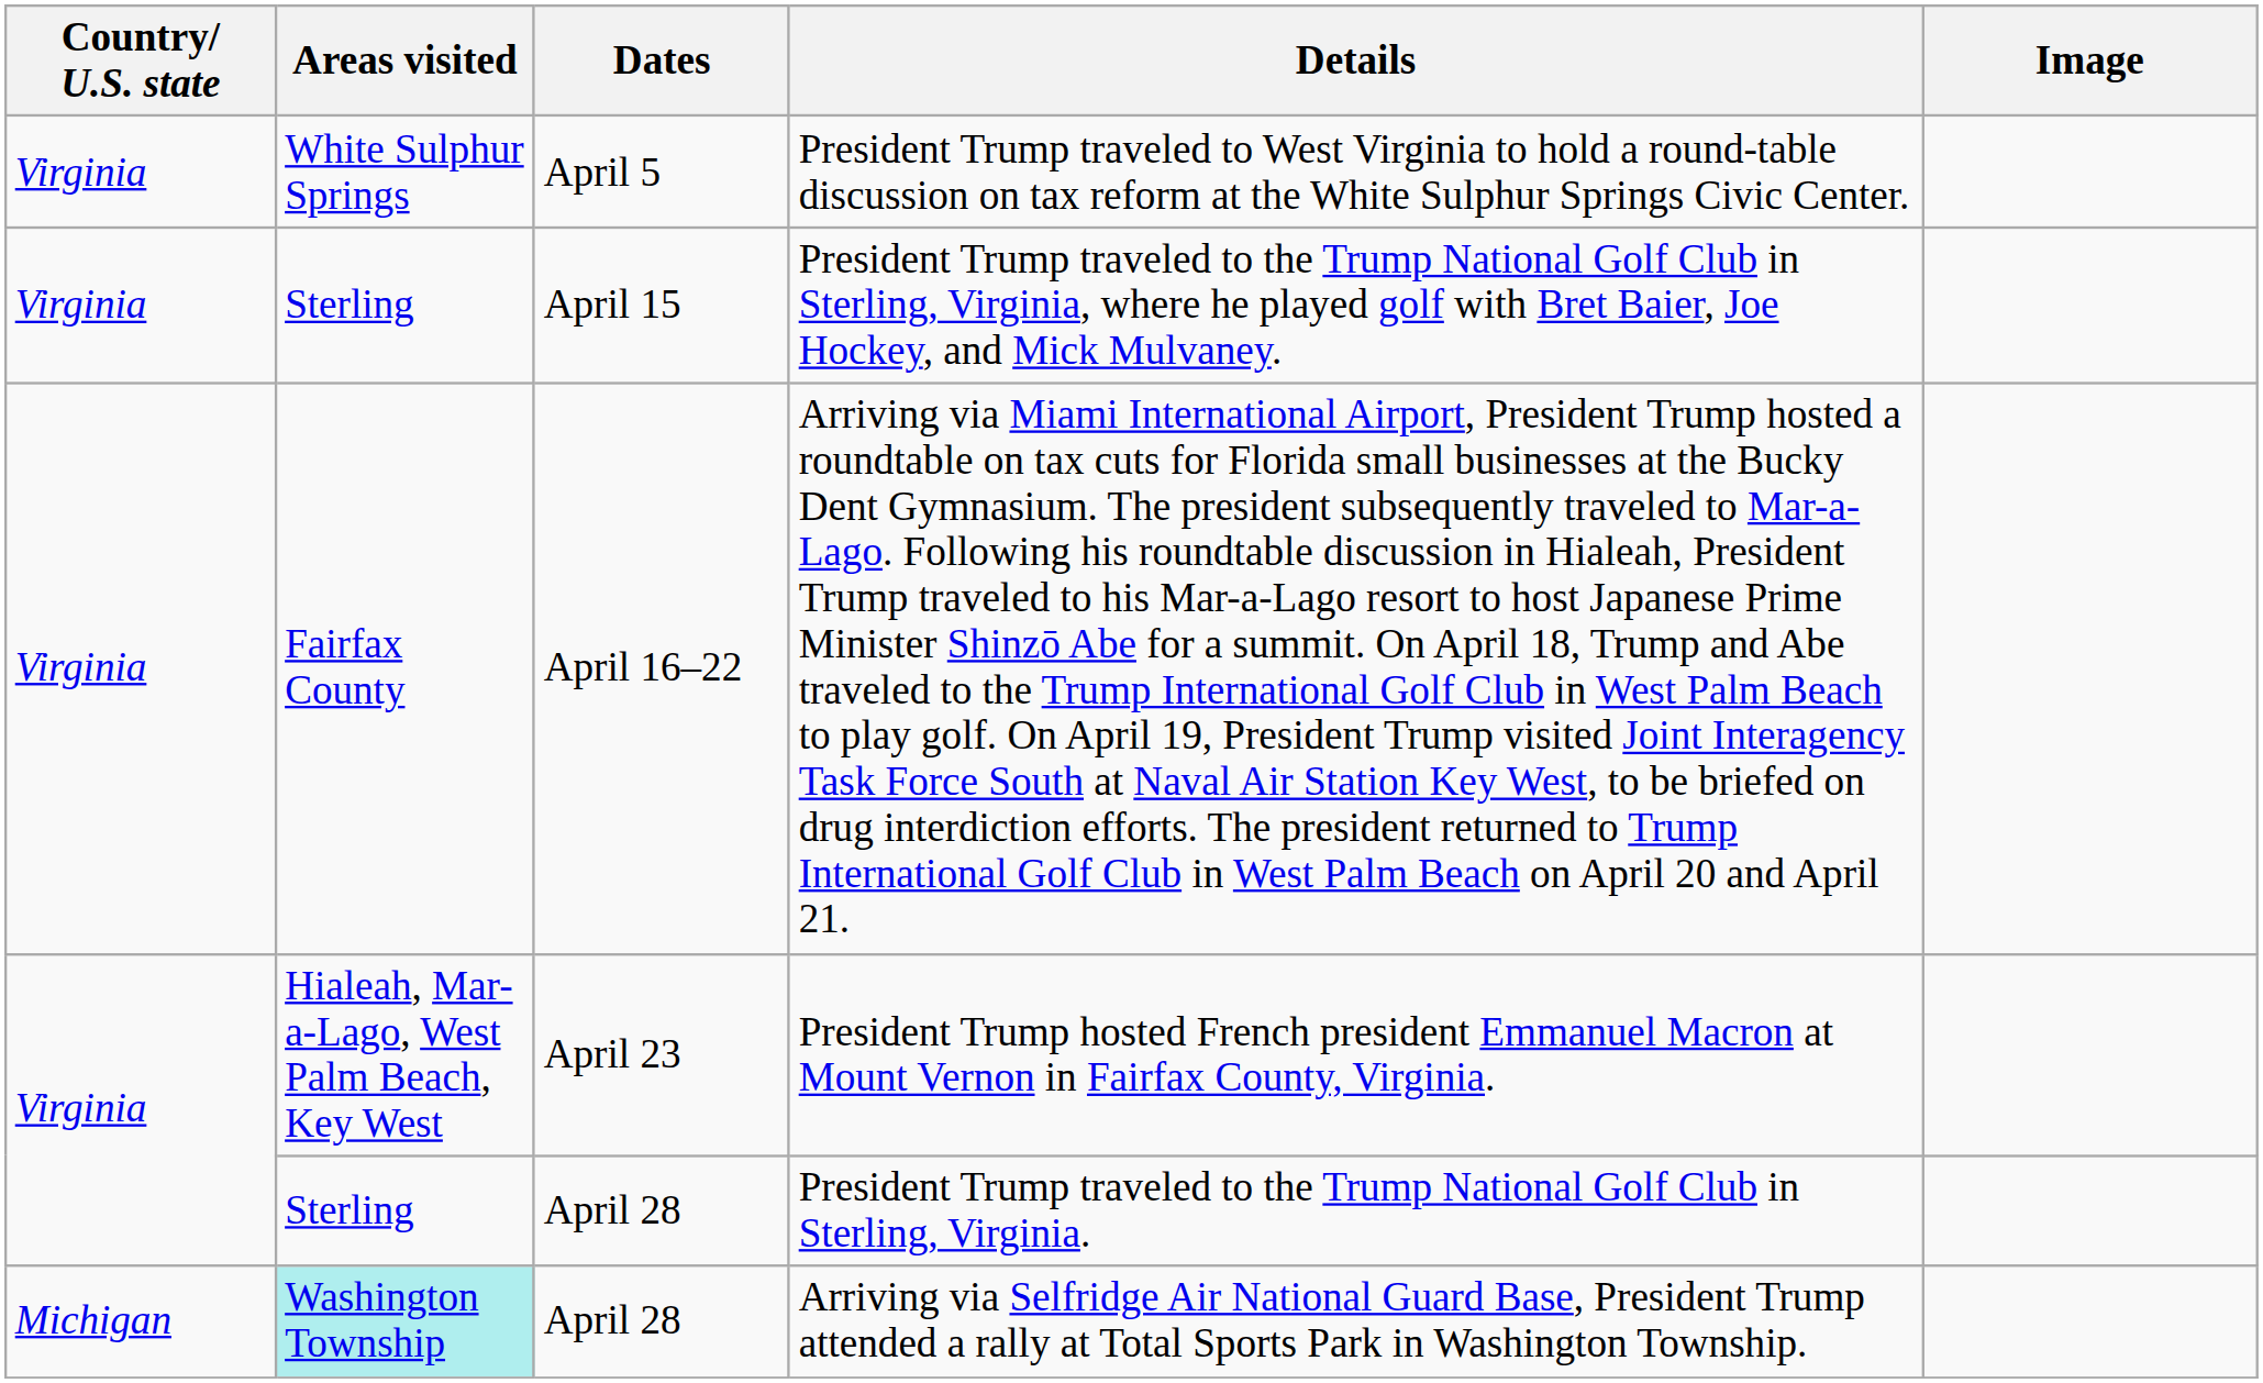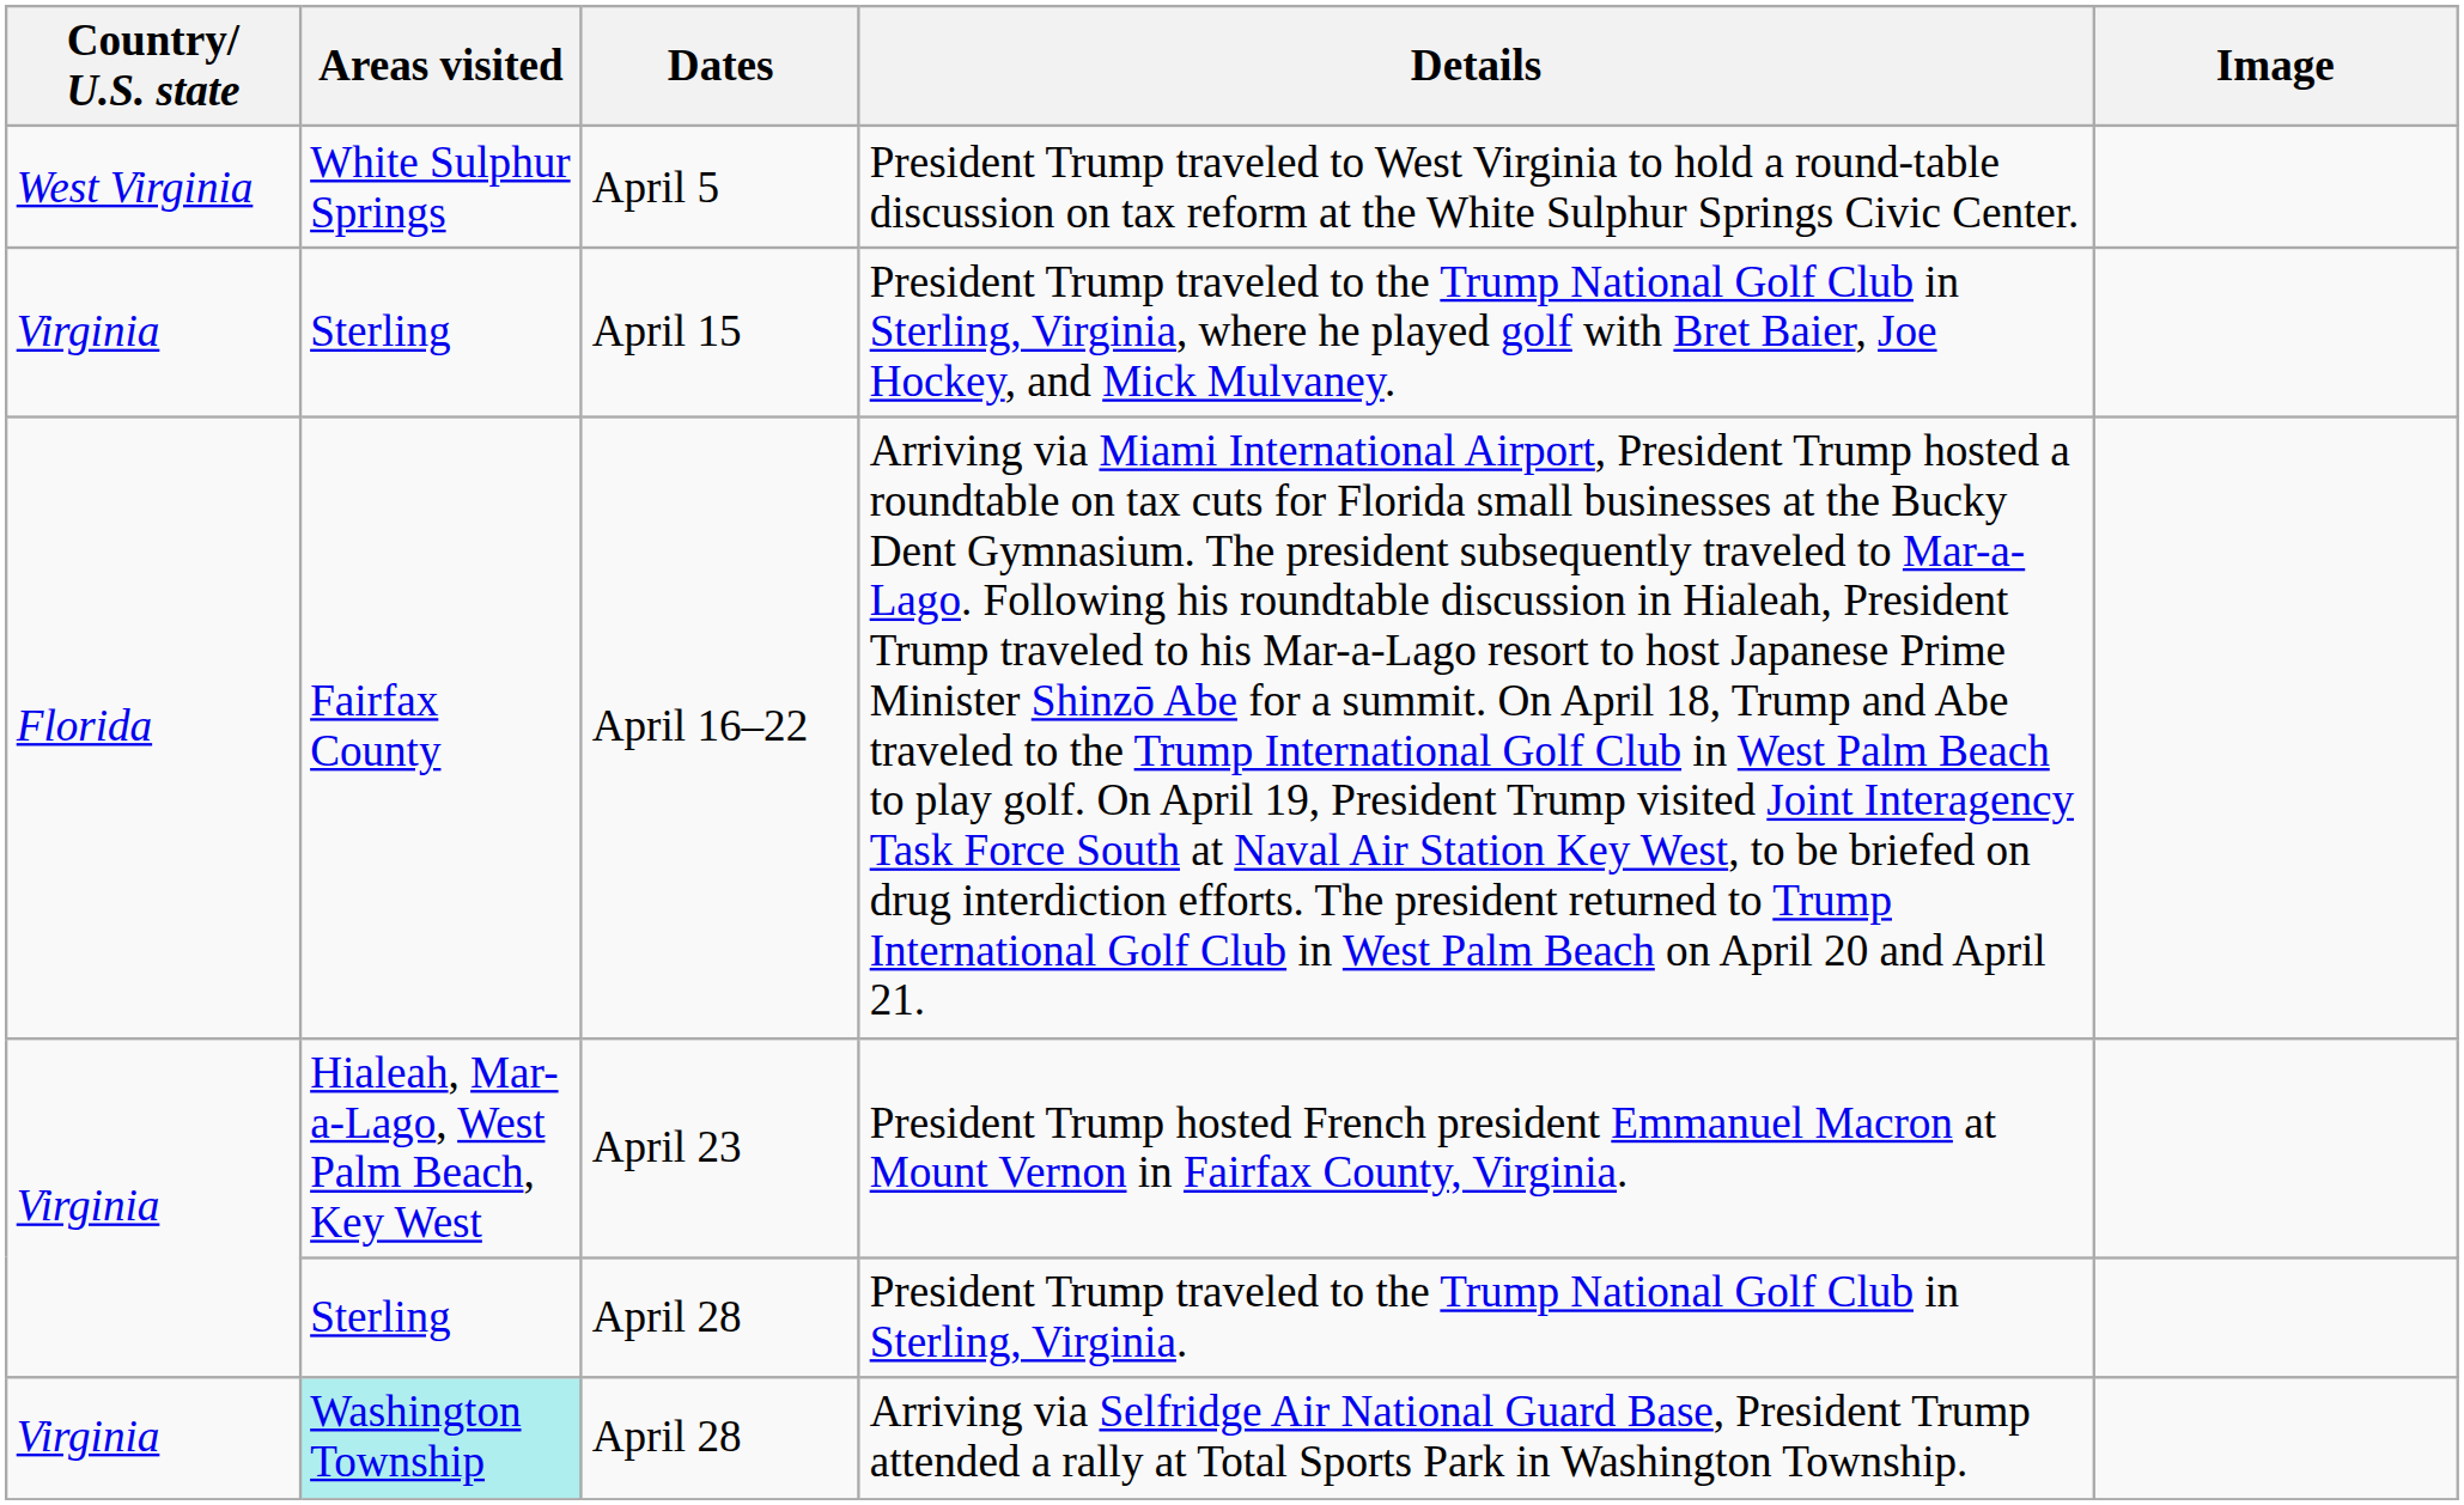 <table class="wikitable" style="margin: 1em auto 1em auto">
 <tr>
 <th width=110>Country/<br><em>U.S. state</em></th>
 <th width=100>Areas visited</th>
 <th width=110>Dates</th>
 <th width=550>Details</th>
 <th width=150>Image</th>
 </tr>
 <tr>
-<td> <em><a href='#'>Virginia</a></em></td>
+<td> <em><a href='#'>West Virginia</a></em></td>
 <td><a href='#'>White Sulphur Springs</a></td>
 <td>April 5</td>
 <td>President Trump traveled to West Virginia to hold a round-table discussion on tax reform at the White Sulphur Springs Civic Center.</td>
 <td></td>
 </tr>
 <tr>
 <td> <em><a href='#'>Virginia</a></em></td>
 <td><a href='#'>Sterling</a></td>
 <td>April 15</td>
 <td>President Trump traveled to the <a href='#'>Trump National Golf Club</a> in <a href='#'>Sterling, Virginia</a>, where he played <a href='#'>golf</a> with <a href='#'>Bret Baier</a>, <a href='#'>Joe Hockey</a>, and <a href='#'>Mick Mulvaney</a>.</td>
 <td></td>
 </tr>
 <tr>
-<td> <em><a href='#'>Virginia</a></em></td>
+<td rowspan=1> <em><a href='#'>Florida</a></em></td>
 <td><a href='#'>Fairfax County</a></td>
 <td>April 16–22</td>
 <td>Arriving via <a href='#'>Miami International Airport</a>, President Trump hosted a roundtable on tax cuts for Florida small businesses at the Bucky Dent Gymnasium. The president subsequently traveled to <a href='#'>Mar-a-Lago</a>. Following his roundtable discussion in Hialeah, President Trump traveled to his Mar-a-Lago resort to host Japanese Prime Minister <a href='#'>Shinzō Abe</a> for a summit. On April 18, Trump and Abe traveled to the <a href='#'>Trump International Golf Club</a> in <a href='#'>West Palm Beach</a> to play golf. On April 19, President Trump visited <a href='#'>Joint Interagency Task Force South</a> at <a href='#'>Naval Air Station Key West</a>, to be briefed on drug interdiction efforts. The president returned to <a href='#'>Trump International Golf Club</a> in <a href='#'>West Palm Beach</a> on April 20 and April 21.</td>
 <td></td>
 </tr>
 <tr>
 <td rowspan="2"> <em><a href='#'>Virginia</a></em></td>
 <td><a href='#'>Hialeah</a>, <a href='#'>Mar-a-Lago</a>, <a href='#'>West Palm Beach</a>, <a href='#'>Key West</a></td>
 <td>April 23</td>
 <td>President Trump hosted French president <a href='#'>Emmanuel Macron</a> at <a href='#'>Mount Vernon</a> in <a href='#'>Fairfax County, Virginia</a>.</td>
 <td></td>
 </tr>
 <tr>
 <td><a href='#'>Sterling</a></td>
 <td>April 28</td>
 <td>President Trump traveled to the <a href='#'>Trump National Golf Club</a> in <a href='#'>Sterling, Virginia</a>.</td>
 <td></td>
 </tr>
 <tr>
-<td> <em><a href='#'>Michigan</a></em></td>
+<td> <em><a href='#'>Virginia</a></em></td>
 <td style="background: paleturquoise;"><a href='#'>Washington Township</a></td>
 <td>April 28</td>
 <td>Arriving via <a href='#'>Selfridge Air National Guard Base</a>, President Trump attended a rally at Total Sports Park in Washington Township.</td>
 <td></td>
 </tr>
 </table>
